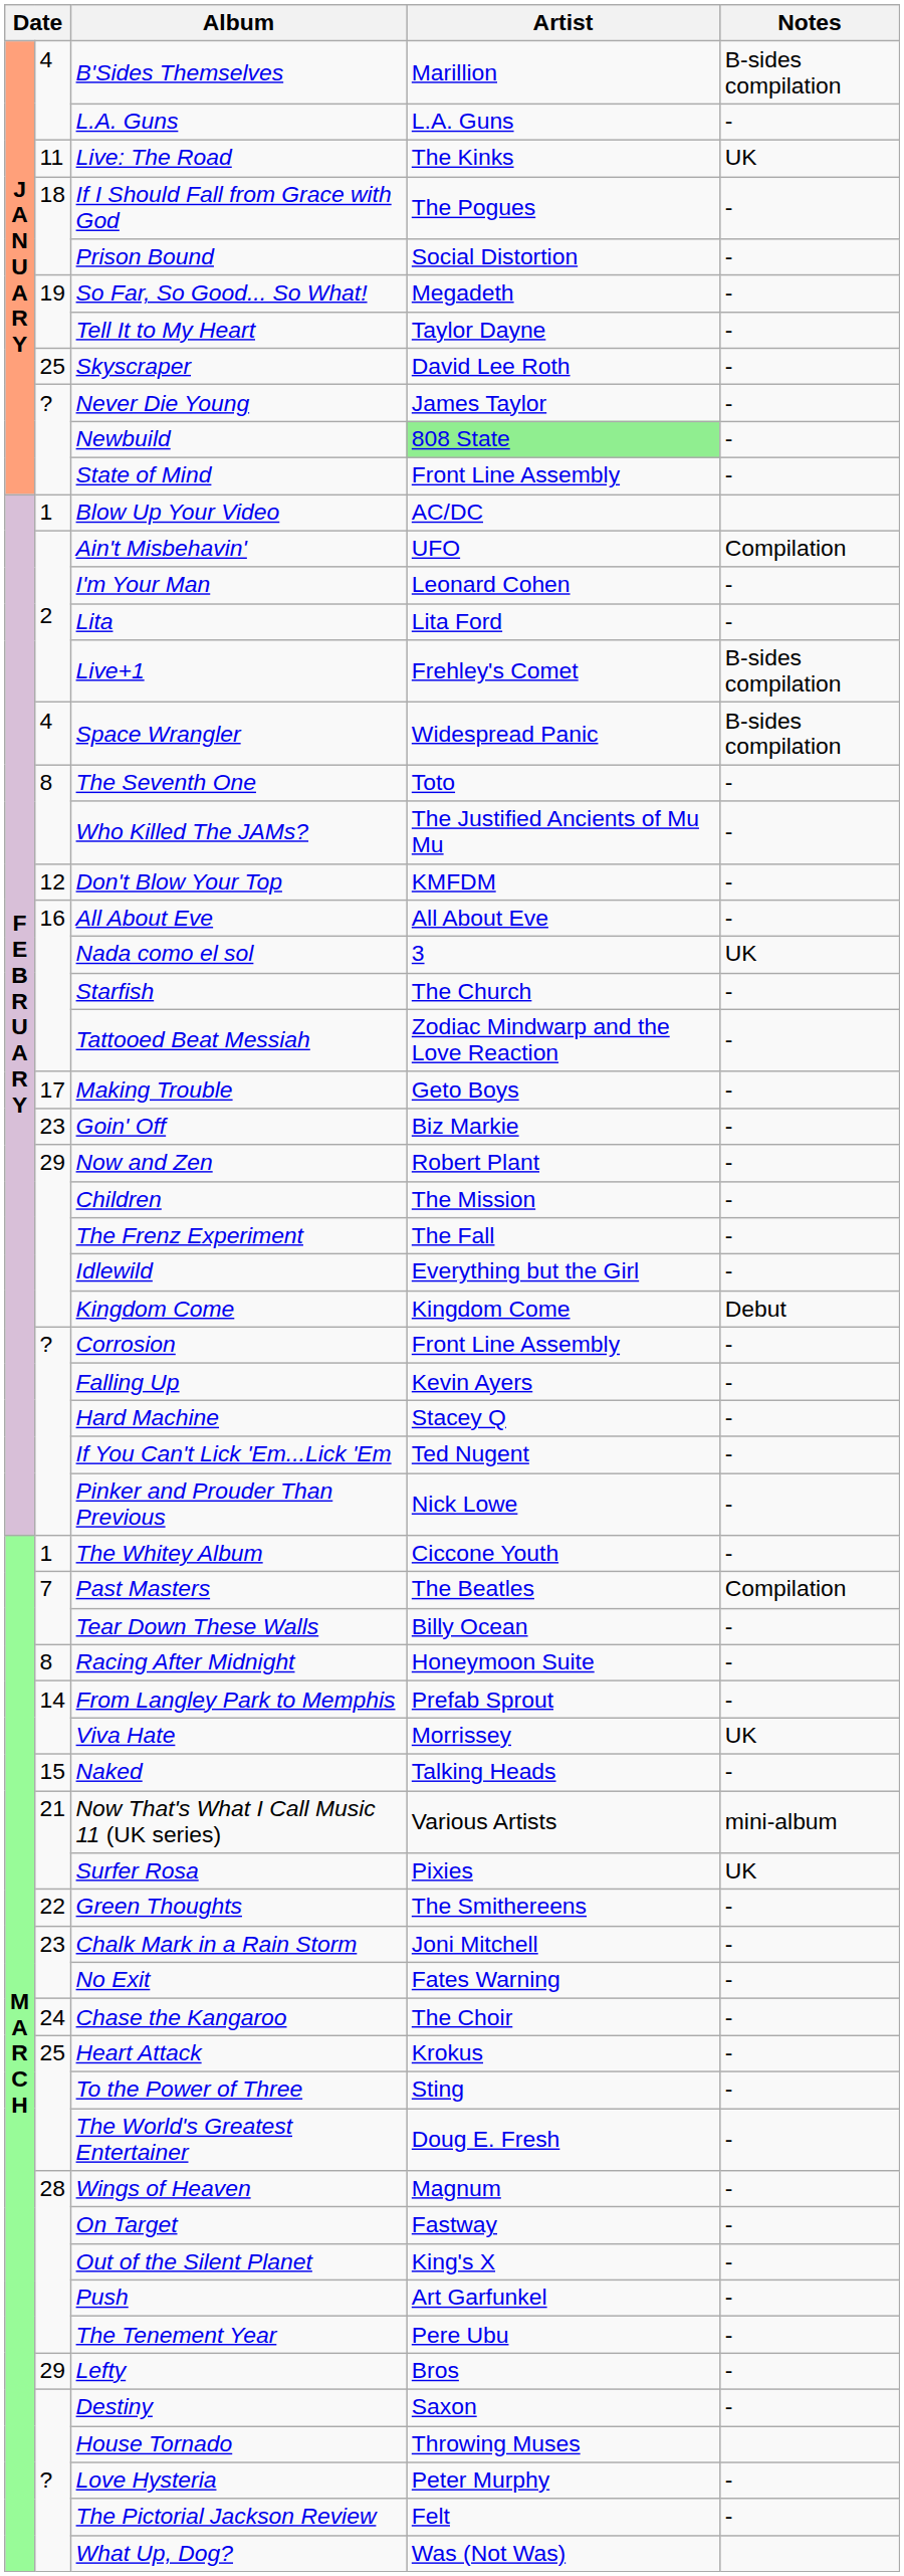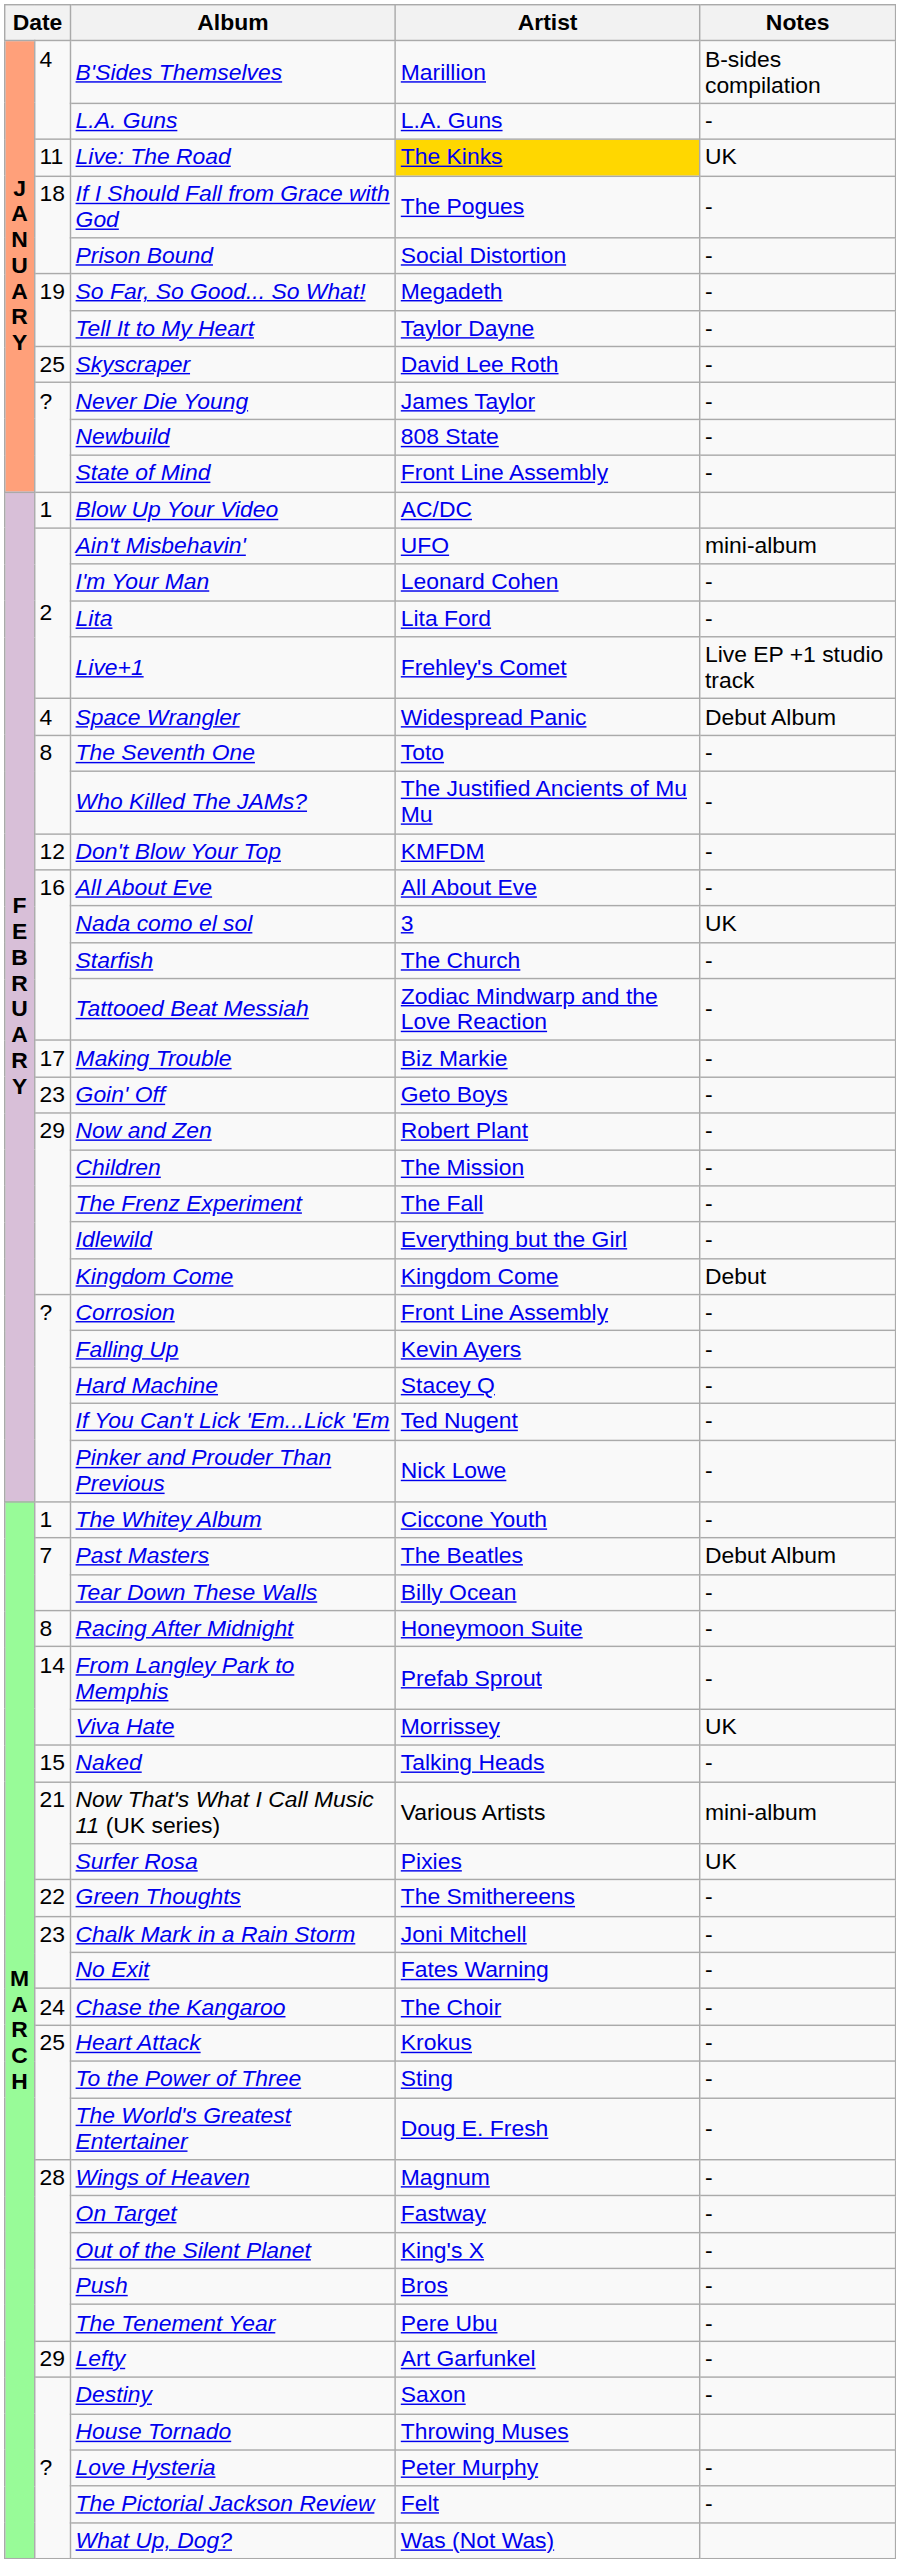 <table class="wikitable" width="100%">
 <tr>
 <th colspan="2">Date</th>
 <th>Album</th>
 <th>Artist</th>
 <th>Notes</th>
 </tr>
 <tr>
 <td rowspan="11" valign="center" align="center" style="background:#FFA07A; textcolor:#000;"><strong>J<br>A<br>N<br>U<br>A<br>R<br>Y</strong></td>
 <td rowspan="2" style="vertical-align:top;">4</td>
 <td><em><a href='#'>B'Sides Themselves</a></em></td>
 <td><a href='#'>Marillion</a></td>
 <td>B-sides compilation</td>
 </tr>
 <tr>
 <td><em><a href='#'>L.A. Guns</a></em></td>
 <td><a href='#'>L.A. Guns</a></td>
 <td>-</td>
 </tr>
 <tr>
 <td style="vertical-align:top;">11</td>
 <td><em><a href='#'>Live: The Road</a></em></td>
-<td><a href='#'>The Kinks</a></td>
+<td style="background: gold;"><a href='#'>The Kinks</a></td>
 <td>UK</td>
 </tr>
 <tr>
 <td rowspan="2" style="vertical-align:top;">18</td>
 <td><em><a href='#'>If I Should Fall from Grace with God</a></em></td>
 <td><a href='#'>The Pogues</a></td>
 <td>-</td>
 </tr>
 <tr>
 <td><em><a href='#'>Prison Bound</a></em></td>
 <td><a href='#'>Social Distortion</a></td>
 <td>-</td>
 </tr>
 <tr>
 <td rowspan="2" style="vertical-align:top;">19</td>
 <td><em><a href='#'>So Far, So Good... So What!</a></em></td>
 <td><a href='#'>Megadeth</a></td>
 <td>-</td>
 </tr>
 <tr>
 <td><em><a href='#'>Tell It to My Heart</a></em></td>
 <td><a href='#'>Taylor Dayne</a></td>
 <td>-</td>
 </tr>
 <tr>
 <td style="vertical-align:top;">25</td>
 <td><em><a href='#'>Skyscraper</a></em></td>
 <td><a href='#'>David Lee Roth</a></td>
 <td>-</td>
 </tr>
 <tr>
 <td rowspan="3" style="vertical-align:top;">?</td>
 <td><em><a href='#'>Never Die Young</a></em></td>
 <td><a href='#'>James Taylor</a></td>
 <td>-</td>
 </tr>
 <tr>
 <td><em><a href='#'>Newbuild</a></em></td>
-<td style="background: lightgreen;"><a href='#'>808 State</a></td>
+<td><a href='#'>808 State</a></td>
 <td>-</td>
 </tr>
 <tr>
 <td><em><a href='#'>State of Mind</a></em></td>
 <td><a href='#'>Front Line Assembly</a></td>
 <td>-</td>
 </tr>
 <tr>
 <td rowspan="25" align="center" valign="center" style="background:#D8BFD8; textcolor:#000;"><strong>F<br>E<br>B<br>R<br>U<br>A<br>R<br>Y</strong></td>
 <td style="vertical-align:top;">1</td>
 <td><em><a href='#'>Blow Up Your Video</a></em></td>
 <td><a href='#'>AC/DC</a></td>
 <td></td>
 </tr>
 <tr>
 <td rowspan="4">2</td>
 <td><em><a href='#'>Ain't Misbehavin'</a></em></td>
 <td><a href='#'>UFO</a></td>
-<td>Compilation</td>
+<td>mini-album</td>
 </tr>
 <tr>
 <td><em><a href='#'>I'm Your Man</a></em></td>
 <td><a href='#'>Leonard Cohen</a></td>
 <td>-</td>
 </tr>
 <tr>
 <td><em><a href='#'>Lita</a></em></td>
 <td><a href='#'>Lita Ford</a></td>
 <td>-</td>
 </tr>
 <tr>
 <td><em><a href='#'>Live+1</a></em></td>
 <td><a href='#'>Frehley's Comet</a></td>
-<td>B-sides compilation</td>
+<td>Live EP +1 studio track</td>
 </tr>
 <tr>
 <td style="vertical-align:top;">4</td>
 <td><em><a href='#'>Space Wrangler</a></em></td>
 <td><a href='#'>Widespread Panic</a></td>
-<td>B-sides compilation</td>
+<td>Debut Album</td>
 </tr>
 <tr>
 <td rowspan="2" style="vertical-align:top;">8</td>
 <td><em><a href='#'>The Seventh One</a></em></td>
 <td><a href='#'>Toto</a></td>
 <td>-</td>
 </tr>
 <tr>
 <td><em><a href='#'>Who Killed The JAMs?</a></em></td>
 <td><a href='#'>The Justified Ancients of Mu Mu</a></td>
 <td>-</td>
 </tr>
 <tr>
 <td style="vertical-align:top;">12</td>
 <td><em><a href='#'>Don't Blow Your Top</a></em></td>
 <td><a href='#'>KMFDM</a></td>
 <td>-</td>
 </tr>
 <tr>
 <td rowspan="4" style="vertical-align:top;">16</td>
 <td><em><a href='#'>All About Eve</a></em></td>
 <td><a href='#'>All About Eve</a></td>
 <td>-</td>
 </tr>
 <tr>
 <td><em><a href='#'>Nada como el sol</a></em></td>
 <td><a href='#'>3</a></td>
 <td>UK</td>
 </tr>
 <tr>
 <td><em><a href='#'>Starfish</a></em></td>
 <td><a href='#'>The Church</a></td>
 <td>-</td>
 </tr>
 <tr>
 <td><em><a href='#'>Tattooed Beat Messiah</a></em></td>
 <td><a href='#'>Zodiac Mindwarp and the Love Reaction</a></td>
 <td>-</td>
 </tr>
 <tr>
 <td style="vertical-align:top;">17</td>
 <td><em><a href='#'>Making Trouble</a></em></td>
-<td><a href='#'>Geto Boys</a></td>
+<td><a href='#'>Biz Markie</a></td>
 <td>-</td>
 </tr>
 <tr>
 <td style="vertical-align:top;">23</td>
 <td><em><a href='#'>Goin' Off</a></em></td>
-<td><a href='#'>Biz Markie</a></td>
+<td><a href='#'>Geto Boys</a></td>
 <td>-</td>
 </tr>
 <tr>
 <td rowspan="5" style="vertical-align:top;">29</td>
 <td><em><a href='#'>Now and Zen</a></em></td>
 <td><a href='#'>Robert Plant</a></td>
 <td>-</td>
 </tr>
 <tr>
 <td><em><a href='#'>Children</a></em></td>
 <td><a href='#'>The Mission</a></td>
 <td>-</td>
 </tr>
 <tr>
 <td><em><a href='#'>The Frenz Experiment</a></em></td>
 <td><a href='#'>The Fall</a></td>
 <td>-</td>
 </tr>
 <tr>
 <td><em><a href='#'>Idlewild</a></em></td>
 <td><a href='#'>Everything but the Girl</a></td>
 <td>-</td>
 </tr>
 <tr>
 <td><em><a href='#'>Kingdom Come</a></em></td>
 <td><a href='#'>Kingdom Come</a></td>
 <td>Debut</td>
 </tr>
 <tr>
 <td rowspan="5" style="vertical-align:top;">?</td>
 <td><em><a href='#'>Corrosion</a></em></td>
 <td><a href='#'>Front Line Assembly</a></td>
 <td>-</td>
 </tr>
 <tr>
 <td><em><a href='#'>Falling Up</a></em></td>
 <td><a href='#'>Kevin Ayers</a></td>
 <td>-</td>
 </tr>
 <tr>
 <td><em><a href='#'>Hard Machine</a></em></td>
 <td><a href='#'>Stacey Q</a></td>
 <td>-</td>
 </tr>
 <tr>
 <td><em><a href='#'>If You Can't Lick 'Em...Lick 'Em</a></em></td>
 <td><a href='#'>Ted Nugent</a></td>
 <td>-</td>
 </tr>
 <tr>
 <td><em><a href='#'>Pinker and Prouder Than Previous</a></em></td>
 <td><a href='#'>Nick Lowe</a></td>
 <td>-</td>
 </tr>
 <tr>
 <td rowspan="27" valign="center" align="center" style="background:#98FB98; textcolor:#000;"><strong>M<br>A<br>R<br>C<br>H</strong></td>
 <td rowspan="1" style="vertical-align:top;">1</td>
 <td><em><a href='#'>The Whitey Album</a></em></td>
 <td><a href='#'>Ciccone Youth</a></td>
 <td>-</td>
 </tr>
 <tr>
 <td rowspan="2" style="vertical-align:top;">7</td>
 <td><em><a href='#'>Past Masters</a></em></td>
 <td><a href='#'>The Beatles</a></td>
-<td>Compilation</td>
+<td>Debut Album</td>
 </tr>
 <tr>
 <td><em><a href='#'>Tear Down These Walls</a></em></td>
 <td><a href='#'>Billy Ocean</a></td>
 <td>-</td>
 </tr>
 <tr>
 <td style="vertical-align:top;">8</td>
 <td><em><a href='#'>Racing After Midnight</a></em></td>
 <td><a href='#'>Honeymoon Suite</a></td>
 <td>-</td>
 </tr>
 <tr>
 <td rowspan="2" style="vertical-align:top;">14</td>
 <td><em><a href='#'>From Langley Park to Memphis</a></em></td>
 <td><a href='#'>Prefab Sprout</a></td>
 <td>-</td>
 </tr>
 <tr>
 <td><em><a href='#'>Viva Hate</a></em></td>
 <td><a href='#'>Morrissey</a></td>
 <td>UK</td>
 </tr>
 <tr>
 <td style="vertical-align:top;">15</td>
 <td><em><a href='#'>Naked</a></em></td>
 <td><a href='#'>Talking Heads</a></td>
 <td>-</td>
 </tr>
 <tr>
 <td rowspan="2" style="vertical-align:top;">21</td>
 <td><em>Now That's What I Call Music 11</em> (UK series)</td>
 <td>Various Artists</td>
 <td>mini-album</td>
 </tr>
 <tr>
 <td><em><a href='#'>Surfer Rosa</a></em></td>
 <td><a href='#'>Pixies</a></td>
 <td>UK</td>
 </tr>
 <tr>
 <td style="vertical-align:top;">22</td>
 <td><em><a href='#'>Green Thoughts</a></em></td>
 <td><a href='#'>The Smithereens</a></td>
 <td>-</td>
 </tr>
 <tr>
 <td rowspan="2" style="vertical-align:top;">23</td>
 <td><em><a href='#'>Chalk Mark in a Rain Storm</a></em></td>
 <td><a href='#'>Joni Mitchell</a></td>
 <td>-</td>
 </tr>
 <tr>
 <td><em><a href='#'>No Exit</a></em></td>
 <td><a href='#'>Fates Warning</a></td>
 <td>-</td>
 </tr>
 <tr>
 <td style="vertical-align:top;">24</td>
 <td><em><a href='#'>Chase the Kangaroo</a></em></td>
 <td><a href='#'>The Choir</a></td>
 <td>-</td>
 </tr>
 <tr>
 <td rowspan="3" style="vertical-align:top;">25</td>
 <td><em><a href='#'>Heart Attack</a></em></td>
 <td><a href='#'>Krokus</a></td>
 <td>-</td>
 </tr>
 <tr>
 <td><em><a href='#'>To the Power of Three</a></em></td>
 <td><a href='#'>Sting</a></td>
 <td>-</td>
 </tr>
 <tr>
 <td><em><a href='#'>The World's Greatest Entertainer</a></em></td>
 <td><a href='#'>Doug E. Fresh</a></td>
 <td>-</td>
 </tr>
 <tr>
 <td rowspan="5" style="vertical-align:top;">28</td>
 <td><em><a href='#'>Wings of Heaven</a></em></td>
 <td><a href='#'>Magnum</a></td>
 <td>-</td>
 </tr>
 <tr>
 <td><em><a href='#'>On Target</a></em></td>
 <td><a href='#'>Fastway</a></td>
 <td>-</td>
 </tr>
 <tr>
 <td><em><a href='#'>Out of the Silent Planet</a></em></td>
 <td><a href='#'>King's X</a></td>
 <td>-</td>
 </tr>
 <tr>
 <td><em><a href='#'>Push</a></em></td>
-<td><a href='#'>Art Garfunkel</a></td>
+<td><a href='#'>Bros</a></td>
 <td>-</td>
 </tr>
 <tr>
 <td><em><a href='#'>The Tenement Year</a></em></td>
 <td><a href='#'>Pere Ubu</a></td>
 <td>-</td>
 </tr>
 <tr>
 <td style="vertical-align:top;">29</td>
 <td><em><a href='#'>Lefty</a></em></td>
-<td><a href='#'>Bros</a></td>
+<td><a href='#'>Art Garfunkel</a></td>
 <td>-</td>
 </tr>
 <tr>
 <td rowspan="5">?</td>
 <td><em><a href='#'>Destiny</a></em></td>
 <td><a href='#'>Saxon</a></td>
 <td>-</td>
 </tr>
 <tr>
 <td><em><a href='#'>House Tornado</a></em></td>
 <td><a href='#'>Throwing Muses</a></td>
 </tr>
 <tr>
 <td><em><a href='#'>Love Hysteria</a></em></td>
 <td><a href='#'>Peter Murphy</a></td>
 <td>-</td>
 </tr>
 <tr>
 <td><em><a href='#'>The Pictorial Jackson Review</a></em></td>
 <td><a href='#'>Felt</a></td>
 <td>-</td>
 </tr>
 <tr>
 <td><em><a href='#'>What Up, Dog?</a></em></td>
 <td><a href='#'>Was (Not Was)</a></td>
 </tr>
 </table>
